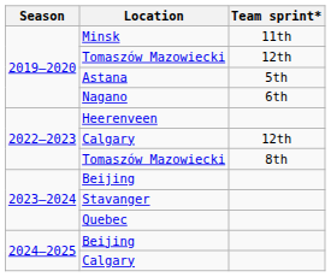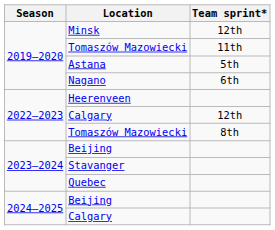 <table class="wikitable" style="display: inline-table;">
 <tr>
 <th>Season</th>
 <th>Location</th>
 <th colspan="1">Team sprint*</th>
 </tr>
 <tr style="text-align:center">
 <td rowspan=4><a href='#'>2019–2020</a></td>
 <td align=left> <a href='#'>Minsk</a></td>
-<td>11th</td>
+<td>12th</td>
 </tr>
 <tr style="text-align:center">
 <td align=left> <a href='#'>Tomaszów Mazowiecki</a></td>
-<td>12th</td>
+<td>11th</td>
 </tr>
 <tr style="text-align:center">
 <td align=left> <a href='#'>Astana</a></td>
 <td>5th</td>
 </tr>
 <tr style="text-align:center">
 <td align=left> <a href='#'>Nagano</a></td>
 <td>6th</td>
 </tr>
 <tr style="text-align:center">
 <td rowspan=3><a href='#'>2022–2023</a></td>
 <td align=left> <a href='#'>Heerenveen</a></td>
 <td></td>
 </tr>
 <tr style="text-align:center">
 <td align=left> <a href='#'>Calgary</a></td>
 <td>12th</td>
 </tr>
 <tr style="text-align:center">
 <td align=left> <a href='#'>Tomaszów Mazowiecki</a></td>
 <td>8th</td>
 </tr>
 <tr style="text-align:center">
 <td rowspan=3><a href='#'>2023–2024</a></td>
 <td align=left> <a href='#'>Beijing</a></td>
 <td></td>
 </tr>
 <tr style="text-align:center">
 <td align=left> <a href='#'>Stavanger</a></td>
 <td></td>
 </tr>
 <tr style="text-align:center">
 <td align=left> <a href='#'>Quebec</a></td>
 <td></td>
 </tr>
 <tr style="text-align:center">
 <td rowspan=2><a href='#'>2024–2025</a></td>
 <td align=left> <a href='#'>Beijing</a></td>
 <td></td>
 </tr>
 <tr style="text-align:center">
 <td align=left> <a href='#'>Calgary</a></td>
 <td></td>
 </tr>
 </table>
